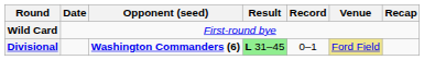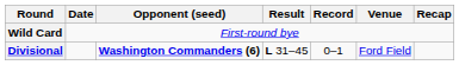 <table class="wikitable" style="text-align:center">
 <tr>
 <th>Round</th>
 <th>Date</th>
 <th>Opponent (seed)</th>
 <th>Result</th>
 <th>Record</th>
 <th>Venue</th>
 <th>Recap</th>
 </tr>
 <tr>
 <th>Wild Card</th>
 <td colspan="6"><em><a href='#'>First-round bye</a></em></td>
 </tr>
 <tr>
 <th><a href='#'>Divisional</a></th>
 <td></td>
 <td><strong><a href='#'>Washington Commanders</a> (6)</strong></td>
-<td style="background: lightgreen;"><strong>L</strong> 31–45</td>
+<td><strong>L</strong> 31–45</td>
 <td>0–1</td>
-<td style="background: khaki;"><a href='#'>Ford Field</a></td>
+<td><a href='#'>Ford Field</a></td>
 <td></td>
 </tr>
 </table>
